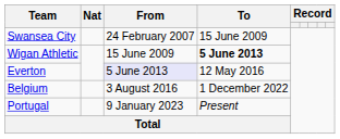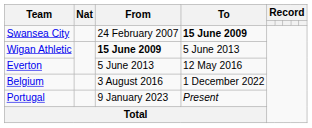 <table class="wikitable" style="text-align:center">
 <tr>
 <th rowspan="2">Team</th>
 <th rowspan="2">Nat</th>
 <th rowspan="2">From</th>
 <th rowspan="2">To</th>
 <th colspan="5">Record</th>
 </tr>
 <tr>
 <th></th>
 <th></th>
 <th></th>
 <th></th>
 <th></th>
 </tr>
 <tr>
 <td align="left"><a href='#'>Swansea City</a></td>
 <td></td>
 <td align="left">24 February 2007</td>
-<td align="left">15 June 2009<br></td>
+<td align="left"><strong>15 June 2009<br></strong></td>
 </tr>
 <tr>
 <td align="left"><a href='#'>Wigan Athletic</a></td>
 <td rowspan=2></td>
-<td align="left">15 June 2009</td>
-<td align="left"><strong>5 June 2013<br></strong></td>
+<td align="left"><strong>15 June 2009</strong></td>
+<td align="left">5 June 2013<br></td>
 </tr>
 <tr>
 <td align="left"><a href='#'>Everton</a></td>
-<td align="left" style="background: lavender;">5 June 2013</td>
+<td align="left">5 June 2013</td>
 <td align="left">12 May 2016<br></td>
 </tr>
 <tr>
 <td align="left"><a href='#'>Belgium</a></td>
 <td></td>
 <td align="left">3 August 2016</td>
 <td align="left">1 December 2022<br></td>
 </tr>
 <tr>
 <td align="left"><a href='#'>Portugal</a></td>
 <td></td>
 <td align="left">9 January 2023</td>
 <td align="left"><em>Present</em><br></td>
 </tr>
 <tr>
 <th colspan="4">Total<br></th>
 </tr>
 </table>
